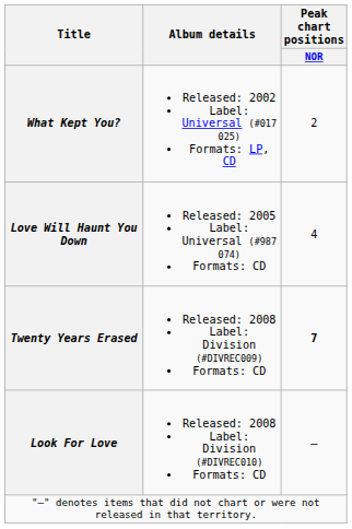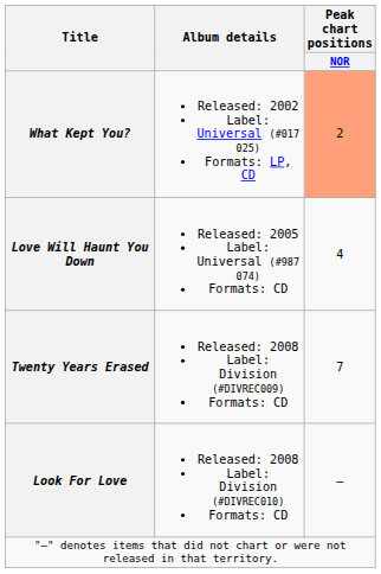 <table class="wikitable plainrowheaders" style="text-align:center;">
 <tr>
 <th scope="col" rowspan="2" style="width:12em;">Title</th>
 <th scope="col" rowspan="2" style="width:12em;">Album details</th>
 <th scope="col" colspan="1">Peak chart positions</th>
 </tr>
 <tr>
 <th style="width:2em;font-size:90%;"><a href='#'>NOR</a><br></th>
 </tr>
 <tr>
 <th scope="row"><em>What Kept You?</em></th>
 <td><br><ul><li>Released: 2002</li><li>Label: <a href='#'>Universal</a> <small>(#017 025)</small></li><li>Formats: <a href='#'>LP</a>, <a href='#'>CD</a></li></ul></td>
-<td>2</td>
+<td style="background: lightsalmon;">2</td>
 </tr>
 <tr>
 <th scope="row"><em>Love Will Haunt You Down</em></th>
 <td><br><ul><li>Released: 2005</li><li>Label: Universal <small>(#987 074)</small></li><li>Formats: CD</li></ul></td>
 <td>4</td>
 </tr>
 <tr>
 <th scope="row"><em>Twenty Years Erased</em></th>
 <td><br><ul><li>Released: 2008</li><li>Label: Division <small>(#DIVREC009)</small></li><li>Formats: CD</li></ul></td>
-<td><strong>7</strong></td>
+<td>7</td>
 </tr>
 <tr>
 <th scope="row"><em>Look For Love</em></th>
 <td><br><ul><li>Released: 2008</li><li>Label: Division <small>(#DIVREC010)</small></li><li>Formats: CD</li></ul></td>
 <td>—</td>
 </tr>
 <tr>
 <td align="center" colspan="15" style="font-size:90%">"—" denotes items that did not chart or were not released in that territory.</td>
 </tr>
 </table>
